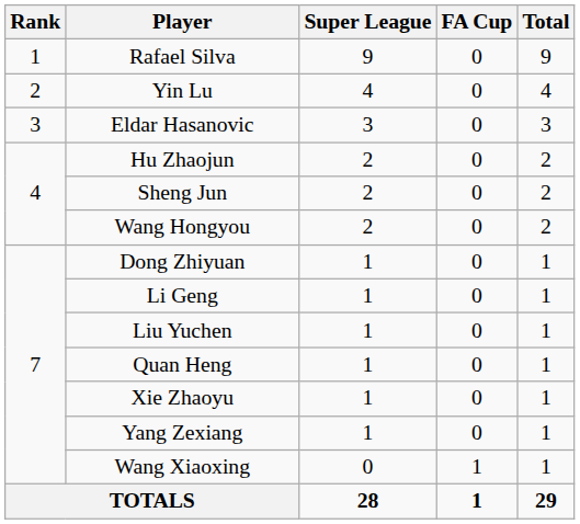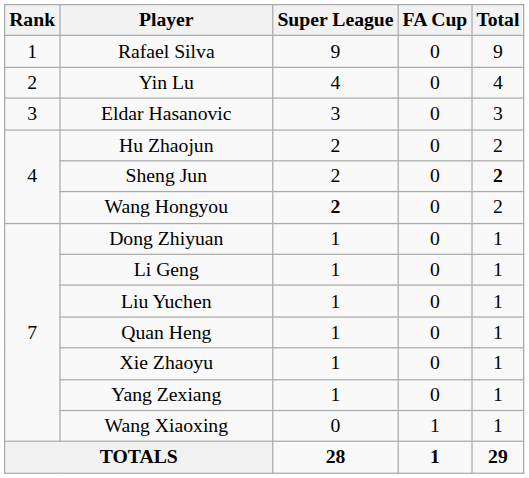 <table class="wikitable" style="text-align:center">
 <tr>
 <th>Rank</th>
 <th style="width:166px;">Player</th>
 <th>Super League</th>
 <th>FA Cup</th>
 <th>Total</th>
 </tr>
 <tr>
 <td>1</td>
 <td>Rafael Silva</td>
 <td>9</td>
 <td>0</td>
 <td>9</td>
 </tr>
 <tr>
 <td>2</td>
 <td>Yin Lu</td>
 <td>4</td>
 <td>0</td>
 <td>4</td>
 </tr>
 <tr>
 <td>3</td>
 <td>Eldar Hasanovic</td>
 <td>3</td>
 <td>0</td>
 <td>3</td>
 </tr>
 <tr>
 <td rowspan="3">4</td>
 <td>Hu Zhaojun</td>
 <td>2</td>
 <td>0</td>
 <td>2</td>
 </tr>
 <tr>
 <td>Sheng Jun</td>
 <td>2</td>
 <td>0</td>
-<td>2</td>
+<td><strong>2</strong></td>
 </tr>
 <tr>
 <td>Wang Hongyou</td>
-<td>2</td>
+<td><strong>2</strong></td>
 <td>0</td>
 <td>2</td>
 </tr>
 <tr>
 <td rowspan="7">7</td>
 <td>Dong Zhiyuan</td>
 <td>1</td>
 <td>0</td>
 <td>1</td>
 </tr>
 <tr>
 <td>Li Geng</td>
 <td>1</td>
 <td>0</td>
 <td align="center">1</td>
 </tr>
 <tr>
 <td>Liu Yuchen</td>
 <td>1</td>
 <td>0</td>
 <td>1</td>
 </tr>
 <tr>
 <td>Quan Heng</td>
 <td>1</td>
 <td>0</td>
 <td>1</td>
 </tr>
 <tr>
 <td>Xie Zhaoyu</td>
 <td>1</td>
 <td>0</td>
 <td>1</td>
 </tr>
 <tr>
 <td>Yang Zexiang</td>
 <td>1</td>
 <td>0</td>
 <td>1</td>
 </tr>
 <tr>
 <td>Wang Xiaoxing</td>
 <td>0</td>
 <td>1</td>
 <td>1</td>
 </tr>
 <tr>
 <th colspan="2">TOTALS</th>
 <td><strong>28</strong></td>
 <td><strong>1</strong></td>
 <td><strong>29</strong></td>
 </tr>
 </table>
